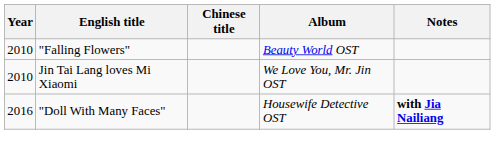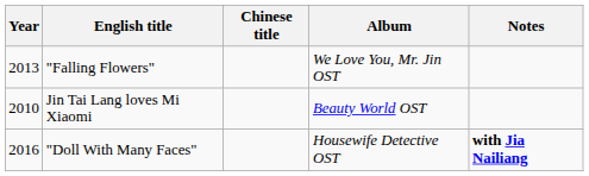 <table class="wikitable sortable">
 <tr>
 <th>Year</th>
 <th>English title</th>
 <th>Chinese title</th>
 <th>Album</th>
 <th>Notes</th>
 </tr>
 <tr>
-<td>2010</td>
+<td>2013</td>
 <td>"Falling Flowers"</td>
 <td></td>
-<td><em><a href='#'>Beauty World</a> OST</em></td>
+<td><em>We Love You, Mr. Jin OST</em></td>
 <td></td>
 </tr>
 <tr>
 <td>2010</td>
 <td>Jin Tai Lang loves Mi Xiaomi</td>
 <td></td>
-<td><em>We Love You, Mr. Jin OST</em></td>
+<td><em><a href='#'>Beauty World</a> OST</em></td>
 <td></td>
 </tr>
 <tr>
 <td>2016</td>
 <td>"Doll With Many Faces"</td>
 <td></td>
 <td><em>Housewife Detective OST</em></td>
 <td><strong>with <a href='#'>Jia Nailiang</a></strong></td>
 </tr>
 </table>
